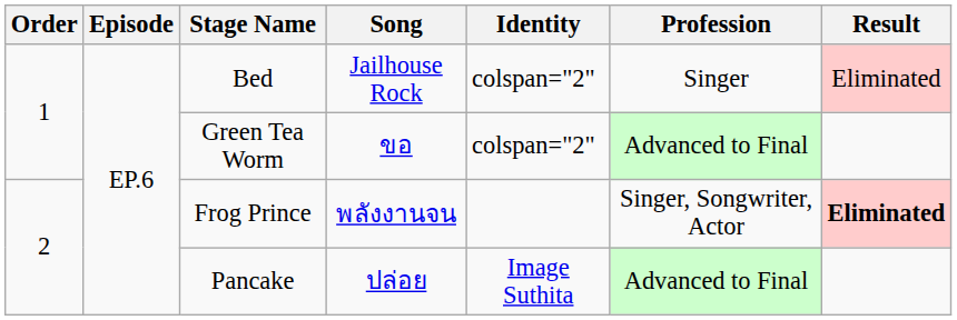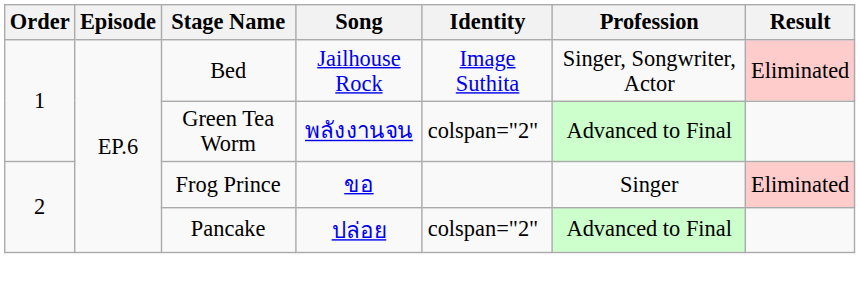 <table class="wikitable">
 <tr>
 <th>Order</th>
 <th>Episode</th>
 <th>Stage Name</th>
 <th>Song</th>
 <th>Identity</th>
 <th>Profession</th>
 <th>Result</th>
 </tr>
 <tr>
 <td rowspan="2" align="center">1</td>
 <td rowspan="4" align="center">EP.6</td>
 <td align="center">Bed</td>
 <td align="center"><a href='#'>Jailhouse Rock</a></td>
-<td>colspan="2"  </td>
-<td align="center">Singer</td>
+<td align="center"><a href='#'>Image Suthita</a></td>
+<td align="center">Singer, Songwriter, Actor</td>
 <td style="text-align:center; background:#ffcccc;">Eliminated</td>
 </tr>
 <tr>
 <td align="center">Green Tea Worm</td>
-<td align="center"><a href='#'>ขอ</a></td>
+<td align="center"><a href='#'>พลังงานจน</a></td>
 <td>colspan="2"  </td>
 <td style="text-align:center; background:#ccffcc;">Advanced to Final</td>
 </tr>
 <tr>
 <td rowspan="2" align="center">2</td>
 <td align="center">Frog Prince</td>
-<td align="center"><a href='#'>พลังงานจน</a></td>
+<td align="center"><a href='#'>ขอ</a></td>
 <td align="center"></td>
-<td align="center">Singer, Songwriter, Actor</td>
-<td style="text-align:center; background:#ffcccc;"><strong>Eliminated</strong></td>
+<td align="center">Singer</td>
+<td style="text-align:center; background:#ffcccc;">Eliminated</td>
 </tr>
 <tr>
 <td align="center">Pancake</td>
 <td align="center"><a href='#'>ปล่อย</a></td>
-<td align="center"><a href='#'>Image Suthita</a></td>
+<td>colspan="2"  </td>
 <td style="text-align:center; background:#ccffcc;">Advanced to Final</td>
 </tr>
 </table>
